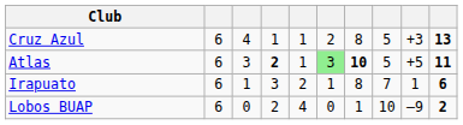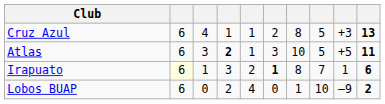 <table class="wikitable" style="text-align:center;">
 <tr>
 <th width="180">Club</th>
 <th width="20"></th>
 <th width="20"></th>
 <th width="20"></th>
 <th width="20"></th>
 <th width="20"></th>
 <th width="20"></th>
 <th width="20"></th>
 <th width="20"></th>
 <th width="20"></th>
 </tr>
 <tr>
 <td align=left><a href='#'>Cruz Azul</a></td>
 <td>6</td>
 <td>4</td>
 <td>1</td>
 <td>1</td>
 <td>2</td>
 <td>8</td>
 <td>5</td>
 <td>+3</td>
 <td><strong>13</strong></td>
 </tr>
 <tr>
 <td align=left><a href='#'>Atlas</a></td>
 <td>6</td>
 <td>3</td>
 <td><strong>2</strong></td>
 <td>1</td>
-<td style="background: lightgreen;">3</td>
-<td><strong>10</strong></td>
+<td>3</td>
+<td>10</td>
 <td>5</td>
 <td>+5</td>
 <td><strong>11</strong></td>
 </tr>
 <tr>
 <td align=left><a href='#'>Irapuato</a></td>
-<td>6</td>
+<td style="background: lightyellow;">6</td>
 <td>1</td>
 <td>3</td>
 <td>2</td>
-<td>1</td>
+<td><strong>1</strong></td>
 <td>8</td>
 <td>7</td>
 <td>1</td>
 <td><strong>6</strong></td>
 </tr>
 <tr>
 <td align=left><a href='#'>Lobos BUAP</a></td>
 <td>6</td>
 <td>0</td>
 <td>2</td>
 <td>4</td>
 <td>0</td>
 <td>1</td>
 <td>10</td>
 <td>–9</td>
 <td><strong>2</strong></td>
 </tr>
 </table>
